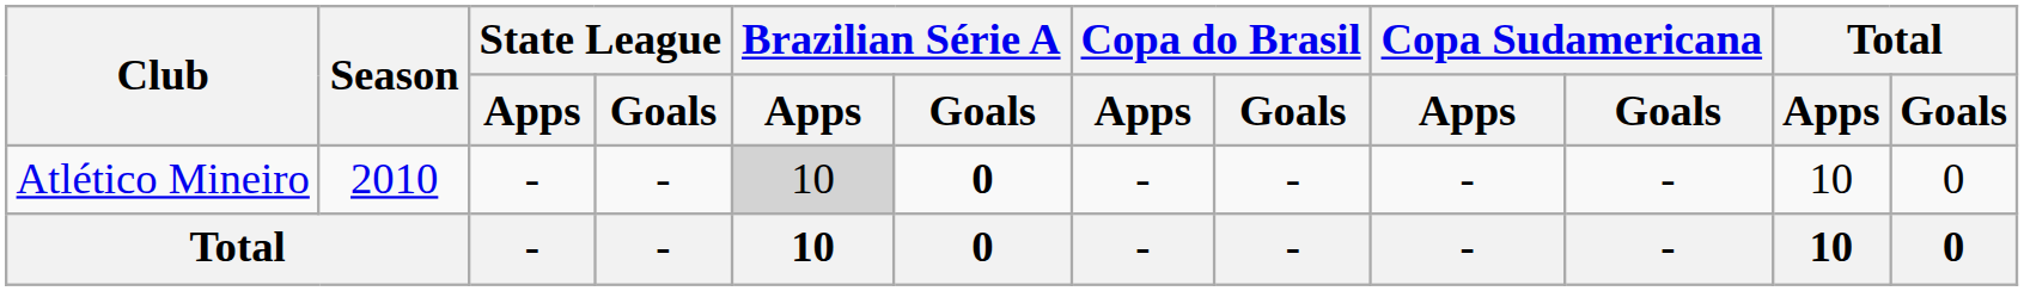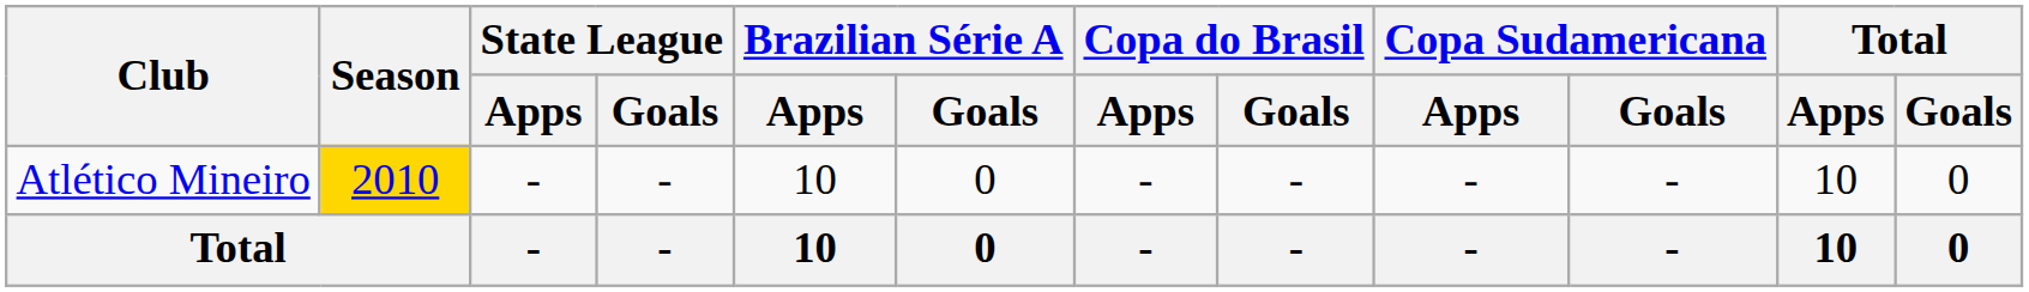 <table class="wikitable" style="text-align: center;">
 <tr>
 <th rowspan="2">Club</th>
 <th rowspan="2">Season</th>
 <th colspan="2">State League</th>
 <th colspan="2"><a href='#'>Brazilian Série A</a></th>
 <th colspan="2"><a href='#'>Copa do Brasil</a></th>
 <th colspan="2"><a href='#'>Copa Sudamericana</a></th>
 <th colspan="2">Total</th>
 </tr>
 <tr>
 <th>Apps</th>
 <th>Goals</th>
 <th>Apps</th>
 <th>Goals</th>
 <th>Apps</th>
 <th>Goals</th>
 <th>Apps</th>
 <th>Goals</th>
 <th>Apps</th>
 <th>Goals</th>
 </tr>
 <tr>
 <td rowspan="1" valign="center"><a href='#'>Atlético Mineiro</a></td>
-<td><a href='#'>2010</a></td>
+<td style="background: gold;"><a href='#'>2010</a></td>
 <td>-</td>
 <td>-</td>
-<td style="background: lightgrey;">10</td>
-<td><strong>0</strong></td>
+<td>10</td>
+<td>0</td>
 <td>-</td>
 <td>-</td>
 <td>-</td>
 <td>-</td>
 <td>10</td>
 <td>0</td>
 </tr>
 <tr>
 <th colspan="2"><strong>Total</strong></th>
 <th>-</th>
 <th>-</th>
 <th>10</th>
 <th>0</th>
 <th>-</th>
 <th>-</th>
 <th>-</th>
 <th>-</th>
 <th>10</th>
 <th>0</th>
 </tr>
 </table>
